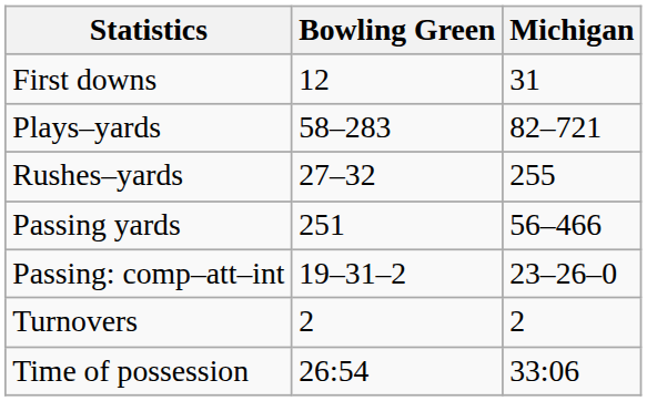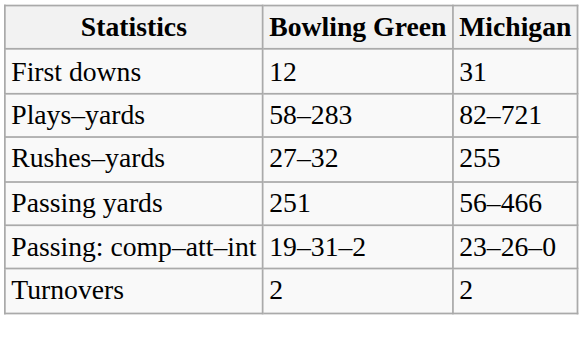 <table class="wikitable" style="float:left">
 <tr>
 <th>Statistics</th>
 <th>Bowling Green</th>
 <th>Michigan</th>
 </tr>
 <tr>
 <td>First downs</td>
 <td>12</td>
 <td>31</td>
 </tr>
 <tr>
 <td>Plays–yards</td>
 <td>58–283</td>
 <td>82–721</td>
 </tr>
 <tr>
 <td>Rushes–yards</td>
 <td>27–32</td>
 <td>255</td>
 </tr>
 <tr>
 <td>Passing yards</td>
 <td>251</td>
 <td>56–466</td>
 </tr>
 <tr>
 <td>Passing: comp–att–int</td>
 <td>19–31–2</td>
 <td>23–26–0</td>
 </tr>
 <tr>
 <td>Turnovers</td>
 <td>2</td>
 <td>2</td>
 </tr>
-<tr>
-<td>Time of possession</td>
-<td>26:54</td>
-<td>33:06</td>
-</tr>
 </table>
